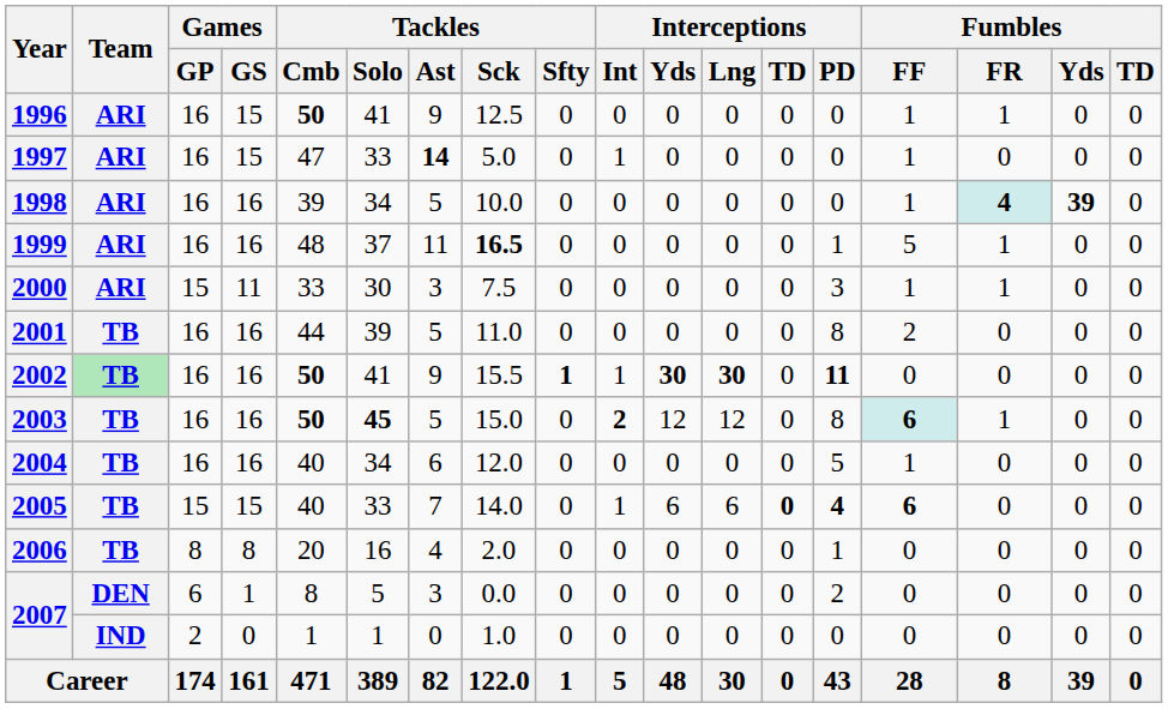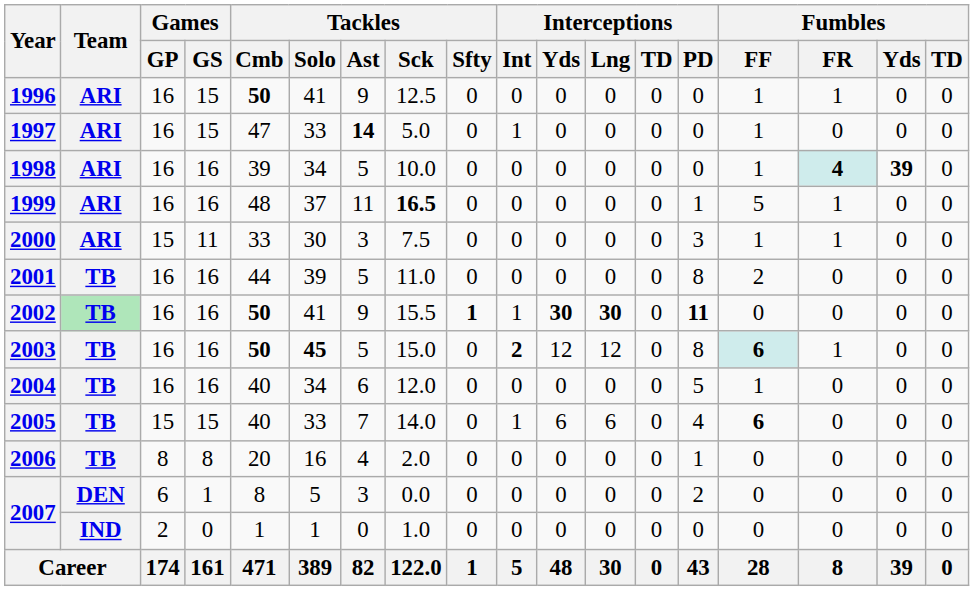 <table class= "wikitable" style="text-align: center;">
 <tr>
 <th rowspan="2">Year</th>
 <th rowspan="2">Team</th>
 <th colspan="2">Games</th>
 <th colspan="5">Tackles</th>
 <th colspan="5">Interceptions</th>
 <th colspan="5">Fumbles</th>
 </tr>
 <tr>
 <th>GP</th>
 <th>GS</th>
 <th>Cmb</th>
 <th>Solo</th>
 <th>Ast</th>
 <th>Sck</th>
 <th>Sfty</th>
 <th>Int</th>
 <th>Yds</th>
 <th>Lng</th>
 <th>TD</th>
 <th>PD</th>
 <th>FF</th>
 <th>FR</th>
 <th>Yds</th>
 <th>TD</th>
 </tr>
 <tr>
 <th><a href='#'>1996</a></th>
 <th><a href='#'>ARI</a></th>
 <td>16</td>
 <td>15</td>
 <td><strong>50</strong></td>
 <td>41</td>
 <td>9</td>
 <td>12.5</td>
 <td>0</td>
 <td>0</td>
 <td>0</td>
 <td>0</td>
 <td>0</td>
 <td>0</td>
 <td>1</td>
 <td>1</td>
 <td>0</td>
 <td>0</td>
 </tr>
 <tr>
 <th><a href='#'>1997</a></th>
 <th><a href='#'>ARI</a></th>
 <td>16</td>
 <td>15</td>
 <td>47</td>
 <td>33</td>
 <td><strong>14</strong></td>
 <td>5.0</td>
 <td>0</td>
 <td>1</td>
 <td>0</td>
 <td>0</td>
 <td>0</td>
 <td>0</td>
 <td>1</td>
 <td>0</td>
 <td>0</td>
 <td>0</td>
 </tr>
 <tr>
 <th><a href='#'>1998</a></th>
 <th><a href='#'>ARI</a></th>
 <td>16</td>
 <td>16</td>
 <td>39</td>
 <td>34</td>
 <td>5</td>
 <td>10.0</td>
 <td>0</td>
 <td>0</td>
 <td>0</td>
 <td>0</td>
 <td>0</td>
 <td>0</td>
 <td>1</td>
 <td style="background:#cfecec; width:3em;"><strong>4</strong></td>
 <td><strong>39</strong></td>
 <td>0</td>
 </tr>
 <tr>
 <th><a href='#'>1999</a></th>
 <th><a href='#'>ARI</a></th>
 <td>16</td>
 <td>16</td>
 <td>48</td>
 <td>37</td>
 <td>11</td>
 <td><strong>16.5</strong></td>
 <td>0</td>
 <td>0</td>
 <td>0</td>
 <td>0</td>
 <td>0</td>
 <td>1</td>
 <td>5</td>
 <td>1</td>
 <td>0</td>
 <td>0</td>
 </tr>
 <tr>
 <th><a href='#'>2000</a></th>
 <th><a href='#'>ARI</a></th>
 <td>15</td>
 <td>11</td>
 <td>33</td>
 <td>30</td>
 <td>3</td>
 <td>7.5</td>
 <td>0</td>
 <td>0</td>
 <td>0</td>
 <td>0</td>
 <td>0</td>
 <td>3</td>
 <td>1</td>
 <td>1</td>
 <td>0</td>
 <td>0</td>
 </tr>
 <tr>
 <th><a href='#'>2001</a></th>
 <th><a href='#'>TB</a></th>
 <td>16</td>
 <td>16</td>
 <td>44</td>
 <td>39</td>
 <td>5</td>
 <td>11.0</td>
 <td>0</td>
 <td>0</td>
 <td>0</td>
 <td>0</td>
 <td>0</td>
 <td>8</td>
 <td>2</td>
 <td>0</td>
 <td>0</td>
 <td>0</td>
 </tr>
 <tr>
 <th><a href='#'>2002</a></th>
 <th style="background:#afe6ba; width:3em;"><a href='#'>TB</a></th>
 <td>16</td>
 <td>16</td>
 <td><strong>50</strong></td>
 <td>41</td>
 <td>9</td>
 <td>15.5</td>
 <td><strong>1</strong></td>
 <td>1</td>
 <td><strong>30</strong></td>
 <td><strong>30</strong></td>
 <td>0</td>
 <td><strong>11</strong></td>
 <td>0</td>
 <td>0</td>
 <td>0</td>
 <td>0</td>
 </tr>
 <tr>
 <th><a href='#'>2003</a></th>
 <th><a href='#'>TB</a></th>
 <td>16</td>
 <td>16</td>
 <td><strong>50</strong></td>
 <td><strong>45</strong></td>
 <td>5</td>
 <td>15.0</td>
 <td>0</td>
 <td><strong>2</strong></td>
 <td>12</td>
 <td>12</td>
 <td>0</td>
 <td>8</td>
 <td style="background:#cfecec; width:3em;"><strong>6</strong></td>
 <td>1</td>
 <td>0</td>
 <td>0</td>
 </tr>
 <tr>
 <th><a href='#'>2004</a></th>
 <th><a href='#'>TB</a></th>
 <td>16</td>
 <td>16</td>
 <td>40</td>
 <td>34</td>
 <td>6</td>
 <td>12.0</td>
 <td>0</td>
 <td>0</td>
 <td>0</td>
 <td>0</td>
 <td>0</td>
 <td>5</td>
 <td>1</td>
 <td>0</td>
 <td>0</td>
 <td>0</td>
 </tr>
 <tr>
 <th><a href='#'>2005</a></th>
 <th><a href='#'>TB</a></th>
 <td>15</td>
 <td>15</td>
 <td>40</td>
 <td>33</td>
 <td>7</td>
 <td>14.0</td>
 <td>0</td>
 <td>1</td>
 <td>6</td>
 <td>6</td>
-<td><strong>0</strong></td>
-<td><strong>4</strong></td>
+<td>0</td>
+<td>4</td>
 <td><strong>6</strong></td>
 <td>0</td>
 <td>0</td>
 <td>0</td>
 </tr>
 <tr>
 <th><a href='#'>2006</a></th>
 <th><a href='#'>TB</a></th>
 <td>8</td>
 <td>8</td>
 <td>20</td>
 <td>16</td>
 <td>4</td>
 <td>2.0</td>
 <td>0</td>
 <td>0</td>
 <td>0</td>
 <td>0</td>
 <td>0</td>
 <td>1</td>
 <td>0</td>
 <td>0</td>
 <td>0</td>
 <td>0</td>
 </tr>
 <tr>
 <th rowspan="2"><a href='#'>2007</a></th>
 <th><a href='#'>DEN</a></th>
 <td>6</td>
 <td>1</td>
 <td>8</td>
 <td>5</td>
 <td>3</td>
 <td>0.0</td>
 <td>0</td>
 <td>0</td>
 <td>0</td>
 <td>0</td>
 <td>0</td>
 <td>2</td>
 <td>0</td>
 <td>0</td>
 <td>0</td>
 <td>0</td>
 </tr>
 <tr>
 <th><a href='#'>IND</a></th>
 <td>2</td>
 <td>0</td>
 <td>1</td>
 <td>1</td>
 <td>0</td>
 <td>1.0</td>
 <td>0</td>
 <td>0</td>
 <td>0</td>
 <td>0</td>
 <td>0</td>
 <td>0</td>
 <td>0</td>
 <td>0</td>
 <td>0</td>
 <td>0</td>
 </tr>
 <tr>
 <th colspan="2">Career</th>
 <th>174</th>
 <th>161</th>
 <th>471</th>
 <th>389</th>
 <th>82</th>
 <th>122.0</th>
 <th>1</th>
 <th>5</th>
 <th>48</th>
 <th>30</th>
 <th>0</th>
 <th>43</th>
 <th>28</th>
 <th>8</th>
 <th>39</th>
 <th>0</th>
 </tr>
 </table>
